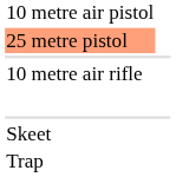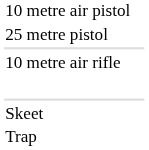 <table>
 <tr>
 <td>10 metre air pistol<br></td>
 <td></td>
 <td></td>
 <td></td>
 </tr>
 <tr>
-<td style="background: lightsalmon;">25 metre pistol<br></td>
+<td>25 metre pistol<br></td>
 <td></td>
 <td></td>
 <td></td>
 </tr>
 <tr bgcolor=#DDDDDD>
 <td colspan=7></td>
 </tr>
 <tr>
 <td>10 metre air rifle<br></td>
 <td></td>
 <td></td>
 <td></td>
 </tr>
 <tr>
 <td><br></td>
 <td></td>
 <td></td>
 <td></td>
 </tr>
 <tr bgcolor=#DDDDDD>
 <td colspan=7></td>
 </tr>
 <tr>
 <td>Skeet <br></td>
 <td></td>
 <td></td>
 <td></td>
 </tr>
 <tr>
 <td>Trap <br></td>
 <td></td>
 <td></td>
 <td></td>
 </tr>
 </table>
